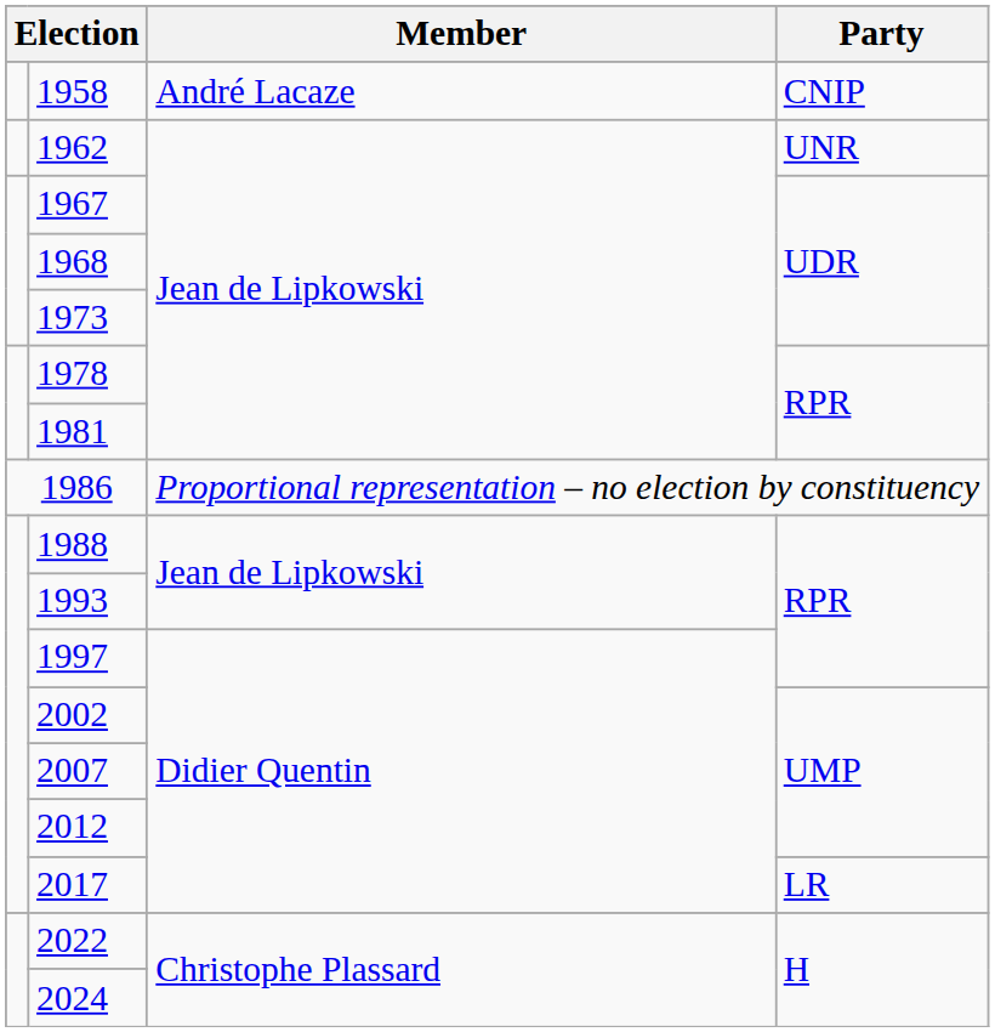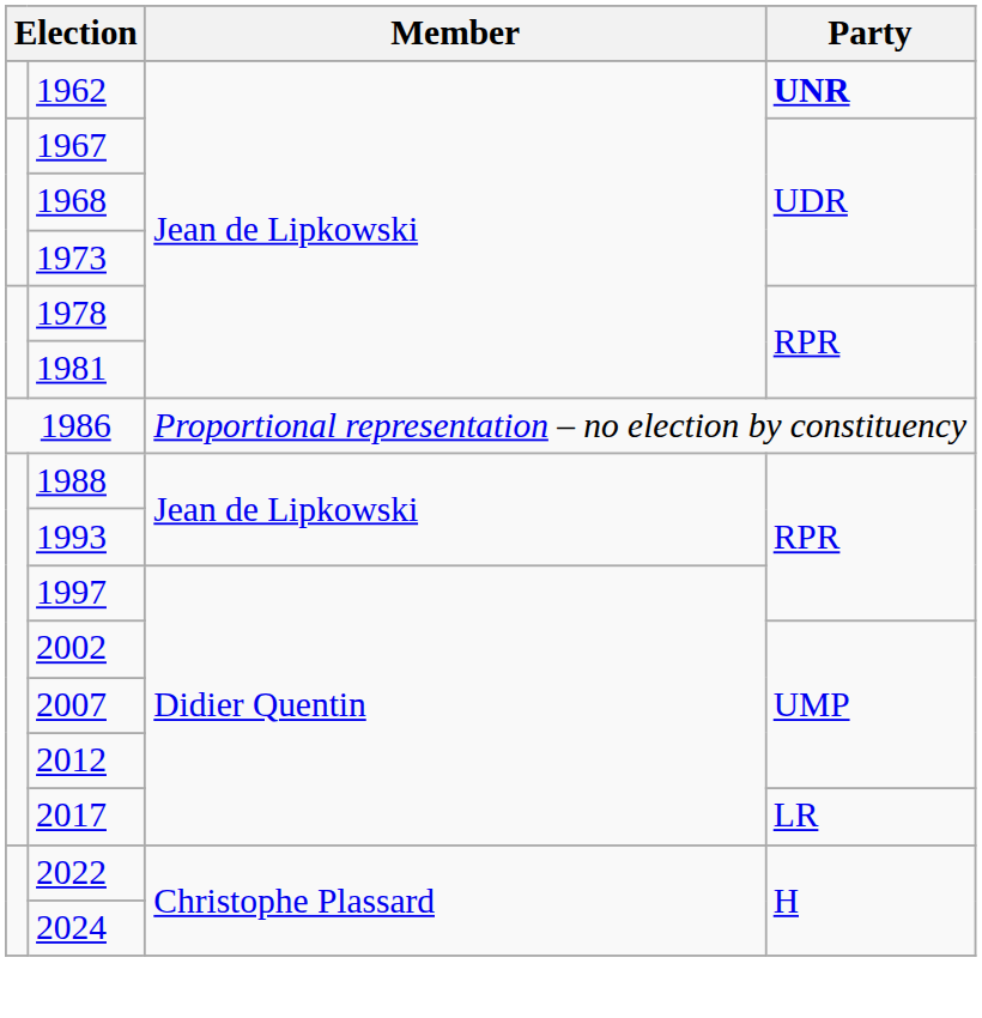 <table class="wikitable">
 <tr>
 <th colspan="2">Election</th>
 <th>Member</th>
 <th>Party</th>
 </tr>
 <tr>
 <td style="color:inherit;background-color: "></td>
-<td><a href='#'>1958</a></td>
-<td><a href='#'>André Lacaze</a></td>
-<td><a href='#'>CNIP</a></td>
-</tr>
-<tr>
-<td style="color:inherit;background-color: "></td>
 <td><a href='#'>1962</a></td>
 <td rowspan="6"><a href='#'>Jean de Lipkowski</a></td>
-<td><a href='#'>UNR</a></td>
+<td><strong><a href='#'>UNR</a></strong></td>
 </tr>
 <tr>
 <td rowspan="3" style="color:inherit;background-color: "></td>
 <td><a href='#'>1967</a></td>
 <td rowspan="3"><a href='#'>UDR</a></td>
 </tr>
 <tr>
 <td><a href='#'>1968</a></td>
 </tr>
 <tr>
 <td><a href='#'>1973</a></td>
 </tr>
 <tr>
 <td rowspan="2" style="color:inherit;background-color: "></td>
 <td><a href='#'>1978</a></td>
 <td rowspan="2"><a href='#'>RPR</a></td>
 </tr>
 <tr>
 <td><a href='#'>1981</a></td>
 </tr>
 <tr>
 <td colspan="2" align="center"><a href='#'>1986</a></td>
 <td colspan="2"><em><a href='#'>Proportional representation</a> – no election by constituency</em></td>
 </tr>
 <tr>
 <td rowspan="7" style="color:inherit;background-color: "></td>
 <td><a href='#'>1988</a></td>
 <td rowspan="2"><a href='#'>Jean de Lipkowski</a></td>
 <td rowspan="3"><a href='#'>RPR</a></td>
 </tr>
 <tr>
 <td><a href='#'>1993</a></td>
 </tr>
 <tr>
 <td><a href='#'>1997</a></td>
 <td rowspan="5"><a href='#'>Didier Quentin</a></td>
 </tr>
 <tr>
 <td><a href='#'>2002</a></td>
 <td rowspan="3"><a href='#'>UMP</a></td>
 </tr>
 <tr>
 <td><a href='#'>2007</a></td>
 </tr>
 <tr>
 <td><a href='#'>2012</a></td>
 </tr>
 <tr>
 <td><a href='#'>2017</a></td>
 <td><a href='#'>LR</a></td>
 </tr>
 <tr>
 <td rowspan="2" style="color:inherit;background-color: "></td>
 <td><a href='#'>2022</a></td>
 <td rowspan="2”"><a href='#'>Christophe Plassard</a></td>
 <td rowspan="2”"><a href='#'>H</a></td>
 </tr>
 <tr>
 <td><a href='#'>2024</a></td>
 </tr>
 </table>
